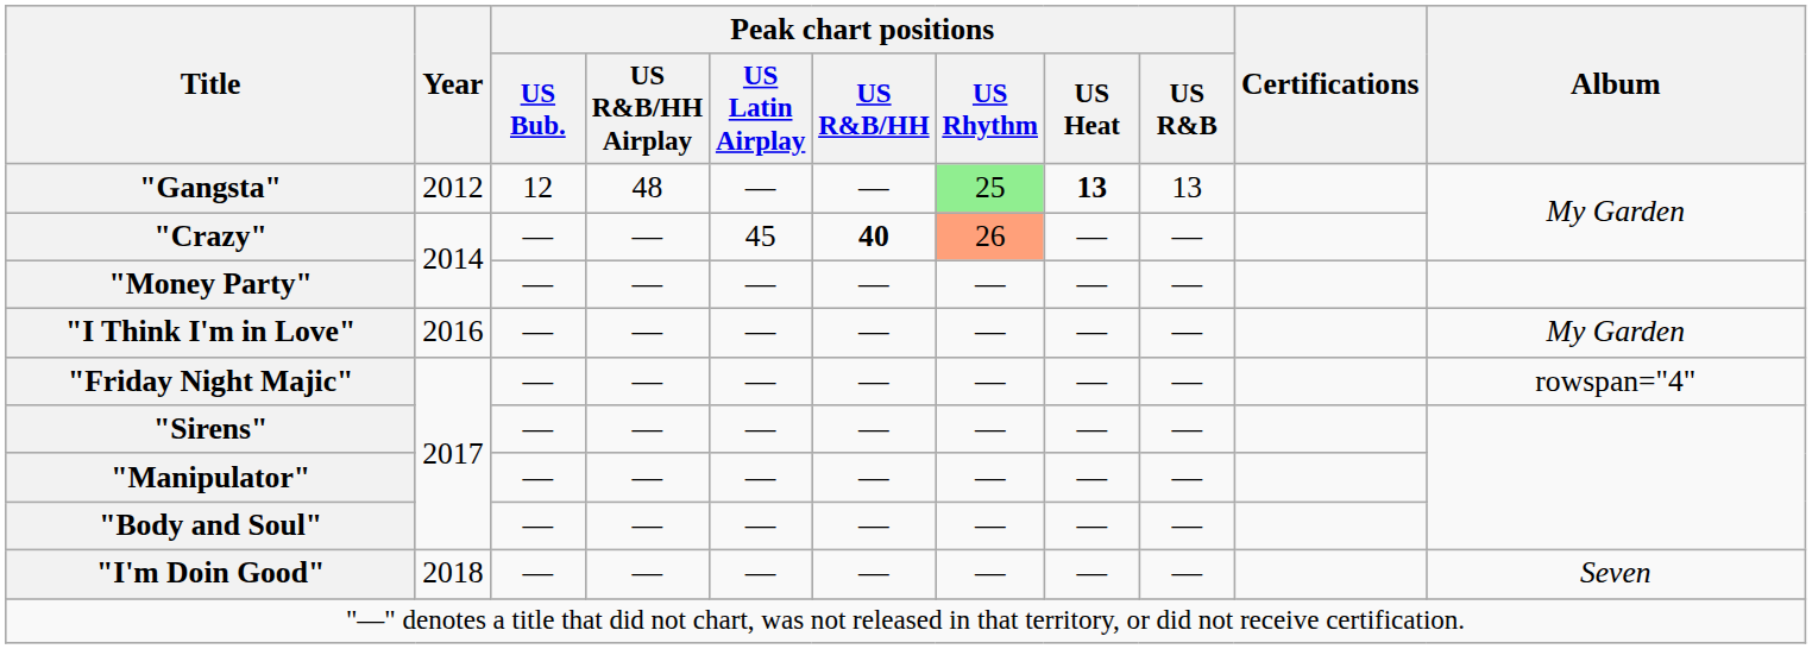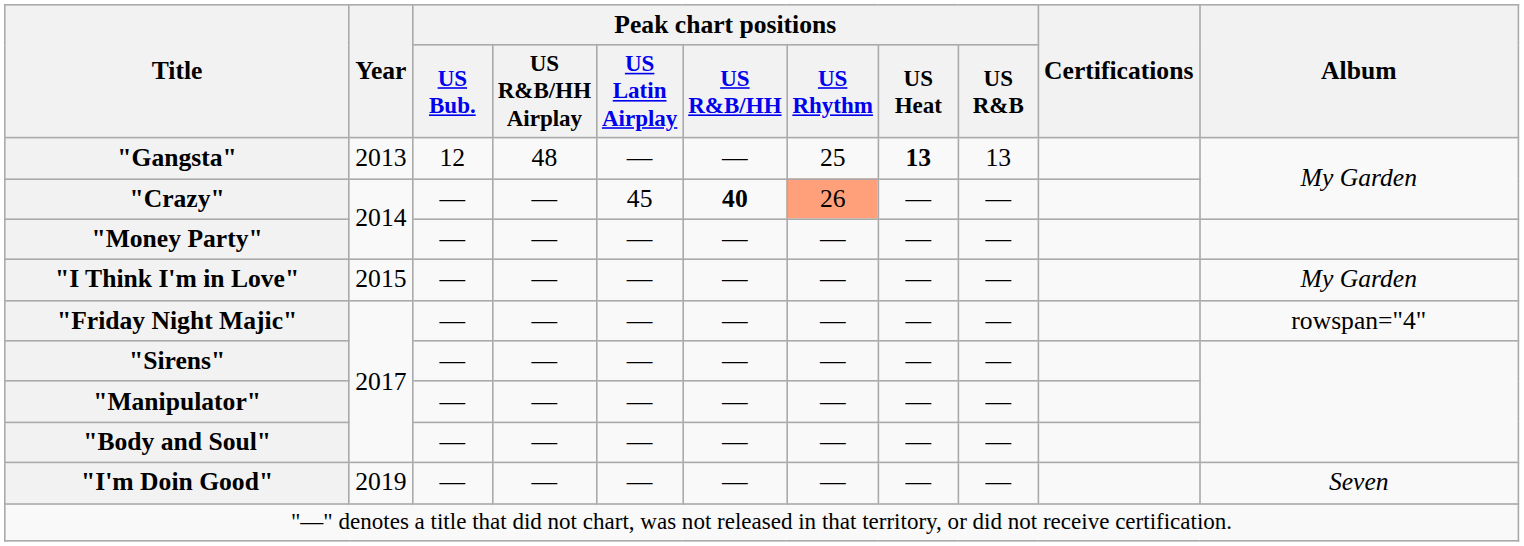 <table class="wikitable plainrowheaders" style="text-align:center;">
 <tr>
 <th scope="col" rowspan="2" style="width:13em;">Title</th>
 <th scope="col" rowspan="2">Year</th>
 <th scope="col" colspan="7">Peak chart positions</th>
 <th scope="col" rowspan="2">Certifications</th>
 <th scope="col" rowspan="2" style="width:12em;">Album</th>
 </tr>
 <tr>
 <th scope="col" style="width:3em;font-size:90%;"><a href='#'>US<br>Bub.</a><br></th>
 <th scope="col" style="width:3em;font-size:90%;">US<br>R&B/HH<br>Airplay<br></th>
 <th scope="col" style="width:3em;font-size:90%;"><a href='#'>US Latin <br>Airplay</a><br></th>
 <th scope="col" style="width:3em;font-size:90%;"><a href='#'>US <br>R&B/HH</a></th>
 <th scope="col" style="width:3em;font-size:90%;"><a href='#'>US<br>Rhythm</a><br></th>
 <th scope="col" style="width:3em;font-size:90%;">US<br>Heat<br></th>
 <th scope="col" style="width:3em;font-size:90%;">US<br>R&B<br></th>
 </tr>
 <tr>
 <th scope="row">"Gangsta"</th>
-<td>2012</td>
+<td>2013</td>
 <td>12</td>
 <td>48</td>
 <td>—</td>
 <td>—</td>
-<td style="background: lightgreen;">25</td>
+<td>25</td>
 <td><strong>13</strong></td>
 <td>13</td>
 <td></td>
 <td rowspan="2"><em>My Garden</em></td>
 </tr>
 <tr>
 <th scope="row">"Crazy"</th>
 <td rowspan="2">2014</td>
 <td>—</td>
 <td>—</td>
 <td>45</td>
 <td><strong>40</strong></td>
 <td style="background: lightsalmon;">26</td>
 <td>—</td>
 <td>—</td>
 <td></td>
 </tr>
 <tr>
 <th scope="row">"Money Party"<br></th>
 <td>—</td>
 <td>—</td>
 <td>—</td>
 <td>—</td>
 <td>—</td>
 <td>—</td>
 <td>—</td>
 <td></td>
 <td></td>
 </tr>
 <tr>
 <th scope="row">"I Think I'm in Love"</th>
-<td>2016</td>
+<td>2015</td>
 <td>—</td>
 <td>—</td>
 <td>—</td>
 <td>—</td>
 <td>—</td>
 <td>—</td>
 <td>—</td>
 <td></td>
 <td><em>My Garden</em></td>
 </tr>
 <tr>
 <th scope="row">"Friday Night Majic"</th>
 <td rowspan="4">2017</td>
 <td>—</td>
 <td>—</td>
 <td>—</td>
 <td>—</td>
 <td>—</td>
 <td>—</td>
 <td>—</td>
 <td></td>
 <td>rowspan="4" </td>
 </tr>
 <tr>
 <th scope="row">"Sirens"</th>
 <td>—</td>
 <td>—</td>
 <td>—</td>
 <td>—</td>
 <td>—</td>
 <td>—</td>
 <td>—</td>
 <td></td>
 </tr>
 <tr>
 <th scope="row">"Manipulator"</th>
 <td>—</td>
 <td>—</td>
 <td>—</td>
 <td>—</td>
 <td>—</td>
 <td>—</td>
 <td>—</td>
 <td></td>
 </tr>
 <tr>
 <th scope="row">"Body and Soul"</th>
 <td>—</td>
 <td>—</td>
 <td>—</td>
 <td>—</td>
 <td>—</td>
 <td>—</td>
 <td>—</td>
 <td></td>
 </tr>
 <tr>
 <th scope="row">"I'm Doin Good"</th>
-<td>2018</td>
+<td>2019</td>
 <td>—</td>
 <td>—</td>
 <td>—</td>
 <td>—</td>
 <td>—</td>
 <td>—</td>
 <td>—</td>
 <td></td>
 <td><em>Seven</em></td>
 </tr>
 <tr>
 <td colspan="14" style="font-size:90%">"—" denotes a title that did not chart, was not released in that territory, or did not receive certification.</td>
 </tr>
 </table>
